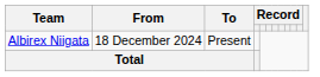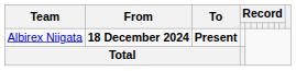 <table class=wikitable style=text-align:center>
 <tr>
 <th rowspan=2>Team</th>
 <th rowspan=2>From</th>
 <th rowspan=2>To</th>
 <th colspan=8>Record</th>
 <th rowspan=2></th>
 </tr>
 <tr>
 <th></th>
 <th></th>
 <th></th>
 <th></th>
 <th></th>
 <th></th>
 <th></th>
 <th></th>
 </tr>
 <tr>
 <td align=left><a href='#'>Albirex Niigata</a></td>
-<td align=left>18 December 2024</td>
-<td align=left>Present<br></td>
+<td align=left><strong>18 December 2024</strong></td>
+<td align=left><strong>Present<br></strong></td>
 <td></td>
 </tr>
 <tr>
 <th colspan=3>Total<br></th>
 <th></th>
 </tr>
 </table>
